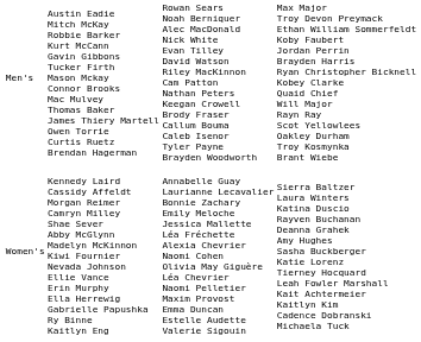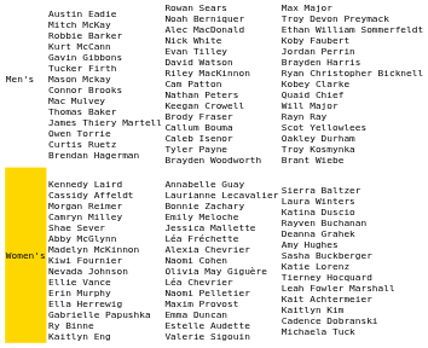 <table>
 <tr>
 <td>Men's</td>
 <td><br>Austin Eadie<br>Mitch McKay<br>Robbie Barker<br>Kurt McCann<br>Gavin Gibbons<br>Tucker Firth<br>Mason Mckay<br>Connor Brooks<br>Mac Mulvey<br>Thomas Baker<br>James Thiery Martell<br>Owen Torrie<br>Curtis Ruetz<br>Brendan Hagerman</td>
 <td><br>Rowan Sears<br>Noah Berniquer<br>Alec MacDonald<br>Nick White<br>Evan Tilley<br>David Watson<br>Riley MacKinnon<br>Cam Patton<br>Nathan Peters<br>Keegan Crowell<br>Brody Fraser<br>Callum Bouma<br>Caleb Isenor<br>Tyler Payne<br>Brayden Woodworth</td>
 <td><br>Max Major<br>Troy Devon Preymack<br>Ethan William Sommerfeldt<br>Koby Faubert<br>Jordan Perrin<br>Brayden Harris<br>Ryan Christopher Bicknell<br>Kobey Clarke<br>Quaid Chief<br>Will Major<br>Rayn Ray<br>Scot Yellowlees<br>Oakley Durham<br>Troy Kosmynka<br>Brant Wiebe</td>
 </tr>
 <tr>
-<td>Women's</td>
+<td style="background: gold;">Women's</td>
 <td><br>Kennedy Laird<br>Cassidy Affeldt<br>Morgan Reimer<br>Camryn Milley<br>Shae Sever<br>Abby McGlynn<br>Madelyn McKinnon<br>Kiwi Fournier<br>Nevada Johnson<br>Ellie Vance<br>Erin Murphy<br>Ella Herrewig<br>Gabrielle Papushka<br>Ry Binne<br>Kaitlyn Eng</td>
 <td><br>Annabelle Guay<br>Laurianne Lecavalier<br>Bonnie Zachary<br>Emily Meloche<br>Jessica Mallette<br>Léa Fréchette<br>Alexia Chevrier<br>Naomi Cohen<br>Olivia May Giguère<br>Léa Chevrier<br>Naomi Pelletier<br>Maxim Provost<br>Emma Duncan<br>Estelle Audette<br>Valerie Sigouin</td>
 <td><br>Sierra Baltzer<br>Laura Winters<br>Katina Duscio<br>Rayven Buchanan<br>Deanna Grahek<br>Amy Hughes<br>Sasha Buckberger<br>Katie Lorenz<br>Tierney Hocquard<br>Leah Fowler Marshall<br>Kait Achtermeier<br>Kaitlyn Kim<br>Cadence Dobranski<br>Michaela Tuck</td>
 </tr>
 </table>
